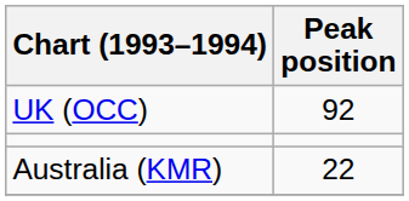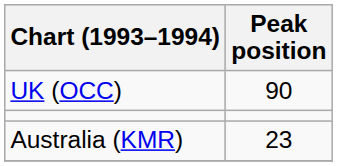 <table class="wikitable sortable">
 <tr>
 <th align="left">Chart (1993–1994)</th>
 <th align="left">Peak<br>position</th>
 </tr>
 <tr>
 <td align="left"><a href='#'>UK</a> (<a href='#'>OCC</a>)</td>
-<td style="text-align:center;">92</td>
+<td style="text-align:center;">90</td>
 </tr>
 <tr>
 <td></td>
 </tr>
 <tr>
 <td align="left">Australia (<a href='#'>KMR</a>)</td>
-<td style="text-align:center;">22</td>
+<td style="text-align:center;">23</td>
 </tr>
 <tr>
 </tr>
 </table>
